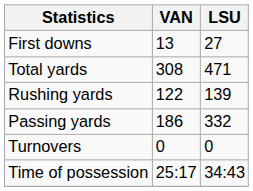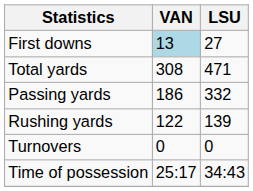 <table class="wikitable" style="float: left;">
 <tr>
 <th>Statistics</th>
 <th>VAN</th>
 <th>LSU</th>
 </tr>
 <tr>
 <td>First downs</td>
-<td>13</td>
+<td style="background: lightblue;">13</td>
 <td>27</td>
 </tr>
 <tr>
 <td>Total yards</td>
 <td>308</td>
 <td>471</td>
 </tr>
 <tr>
+<td>Passing yards</td>
+<td>186</td>
+<td>332</td>
+</tr>
+<tr>
 <td>Rushing yards</td>
 <td>122</td>
 <td>139</td>
-</tr>
-<tr>
-<td>Passing yards</td>
-<td>186</td>
-<td>332</td>
 </tr>
 <tr>
 <td>Turnovers</td>
 <td>0</td>
 <td>0</td>
 </tr>
 <tr>
 <td>Time of possession</td>
 <td>25:17</td>
 <td>34:43</td>
 </tr>
 <tr>
 </tr>
 </table>
